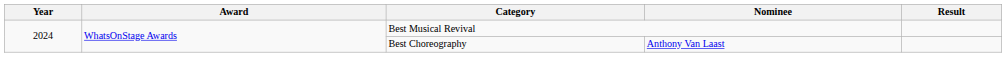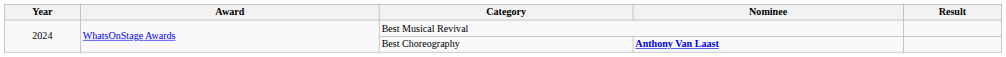 <table class="wikitable" style="width:100%;">
 <tr>
 <th>Year</th>
 <th><strong>Award</strong></th>
 <th><strong>Category</strong></th>
 <th><strong>Nominee</strong></th>
 <th><strong>Result</strong></th>
 </tr>
 <tr>
 <td rowspan="2" align="center">2024</td>
 <td rowspan="2"><a href='#'>WhatsOnStage Awards</a></td>
 <td colspan="2">Best Musical Revival</td>
 <td></td>
 </tr>
 <tr>
 <td>Best Choreography</td>
-<td><a href='#'>Anthony Van Laast</a></td>
+<td><strong><a href='#'>Anthony Van Laast</a></strong></td>
 <td></td>
 </tr>
 </table>
